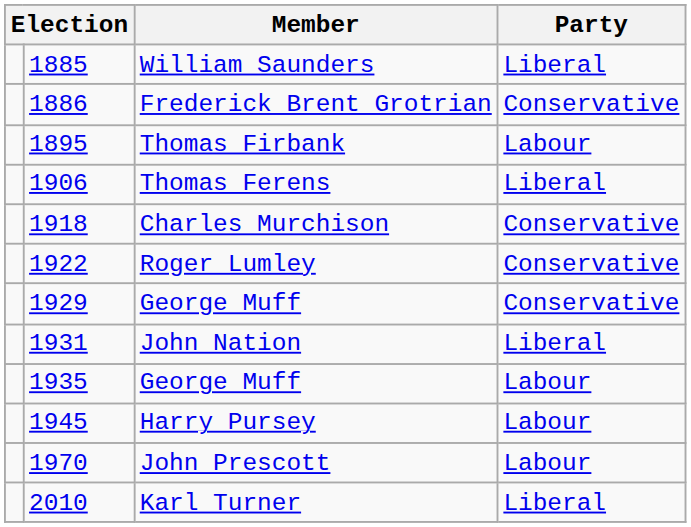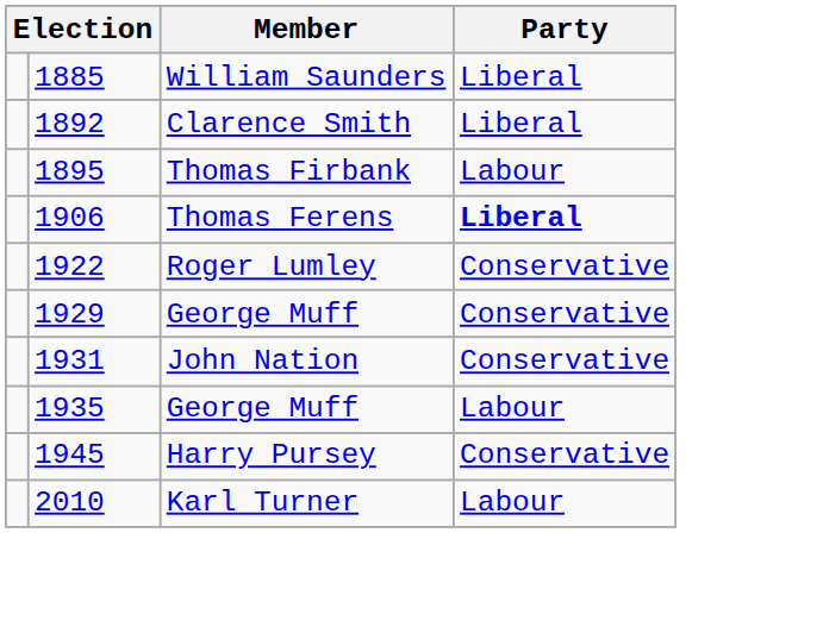 <table class="wikitable">
 <tr>
 <th colspan="2">Election</th>
 <th>Member</th>
 <th>Party</th>
 </tr>
 <tr>
 <td style="color:inherit;background-color: "></td>
 <td><a href='#'>1885</a></td>
 <td><a href='#'>William Saunders</a></td>
 <td><a href='#'>Liberal</a></td>
 </tr>
 <tr>
 <td style="color:inherit;background-color: "></td>
-<td><a href='#'>1886</a></td>
-<td><a href='#'>Frederick Brent Grotrian</a></td>
-<td><a href='#'>Conservative</a></td>
+<td><a href='#'>1892</a></td>
+<td><a href='#'>Clarence Smith</a></td>
+<td><a href='#'>Liberal</a></td>
 </tr>
 <tr>
 <td style="color:inherit;background-color: "></td>
 <td><a href='#'>1895</a></td>
 <td><a href='#'>Thomas Firbank</a></td>
 <td><a href='#'>Labour</a></td>
 </tr>
 <tr>
 <td style="color:inherit;background-color: "></td>
 <td><a href='#'>1906</a></td>
 <td><a href='#'>Thomas Ferens</a></td>
-<td><a href='#'>Liberal</a></td>
-</tr>
-<tr>
-<td style="color:inherit;background-color: "></td>
-<td><a href='#'>1918</a></td>
-<td><a href='#'>Charles Murchison</a></td>
-<td><a href='#'>Conservative</a></td>
+<td><strong><a href='#'>Liberal</a></strong></td>
 </tr>
 <tr>
 <td style="color:inherit;background-color: "></td>
 <td><a href='#'>1922</a></td>
 <td><a href='#'>Roger Lumley</a></td>
 <td><a href='#'>Conservative</a></td>
 </tr>
 <tr>
 <td style="color:inherit;background-color: "></td>
 <td><a href='#'>1929</a></td>
 <td><a href='#'>George Muff</a></td>
 <td><a href='#'>Conservative</a></td>
 </tr>
 <tr>
 <td style="color:inherit;background-color: "></td>
 <td><a href='#'>1931</a></td>
 <td><a href='#'>John Nation</a></td>
-<td><a href='#'>Liberal</a></td>
+<td><a href='#'>Conservative</a></td>
 </tr>
 <tr>
 <td style="color:inherit;background-color: "></td>
 <td><a href='#'>1935</a></td>
 <td><a href='#'>George Muff</a></td>
 <td><a href='#'>Labour</a></td>
 </tr>
 <tr>
 <td style="color:inherit;background-color: "></td>
 <td><a href='#'>1945</a></td>
 <td><a href='#'>Harry Pursey</a></td>
-<td><a href='#'>Labour</a></td>
-</tr>
-<tr>
-<td style="color:inherit;background-color: "></td>
-<td><a href='#'>1970</a></td>
-<td><a href='#'>John Prescott</a></td>
-<td><a href='#'>Labour</a></td>
+<td><a href='#'>Conservative</a></td>
 </tr>
 <tr>
 <td style="color:inherit;background-color: "></td>
 <td><a href='#'>2010</a></td>
 <td><a href='#'>Karl Turner</a></td>
-<td><a href='#'>Liberal</a></td>
+<td><a href='#'>Labour</a></td>
 </tr>
 </table>
